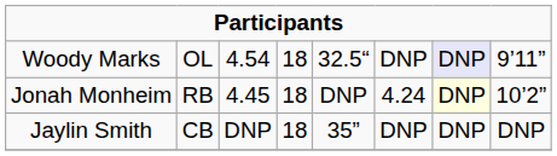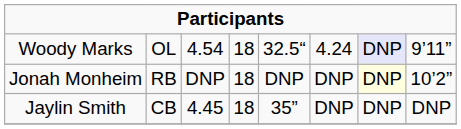 <table class="wikitable sortable" style="text-align:center" "width:75%;">
 <tr>
 <td colspan="14" style="font-weight:bold; ">Participants<br></td>
 </tr>
 <tr>
 <td>Woody Marks</td>
 <td>OL</td>
 <td>4.54</td>
 <td>18</td>
 <td>32.5“</td>
-<td>DNP</td>
+<td>4.24</td>
 <td style="background: lavender;">DNP</td>
 <td>9’11”</td>
 </tr>
 <tr>
 <td>Jonah Monheim</td>
 <td>RB</td>
-<td>4.45</td>
+<td>DNP</td>
 <td>18</td>
 <td>DNP</td>
-<td>4.24</td>
+<td>DNP</td>
 <td style="background: lightyellow;">DNP</td>
 <td>10’2”</td>
 </tr>
 <tr>
 <td>Jaylin Smith</td>
 <td>CB</td>
-<td>DNP</td>
+<td>4.45</td>
 <td>18</td>
 <td>35”</td>
 <td>DNP</td>
 <td>DNP</td>
 <td>DNP</td>
 </tr>
 <tr>
 </tr>
 </table>
